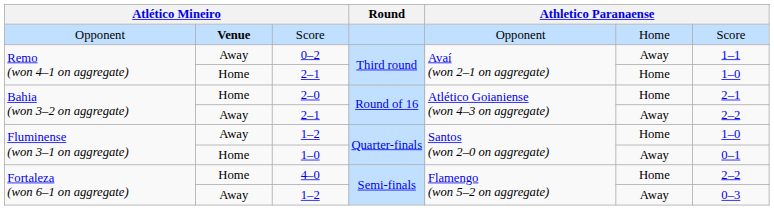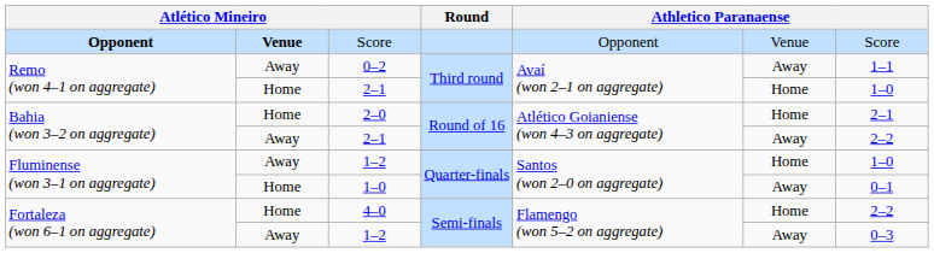 <table class="wikitable" style="text-align: center;">
 <tr>
 <th colspan=3> <a href='#'>Atlético Mineiro</a></th>
 <th>Round</th>
 <th colspan=3> <a href='#'>Athletico Paranaense</a></th>
 </tr>
 <tr bgcolor=#c1e0ff>
-<td width=25%>Opponent</td>
+<td width=25%><strong>Opponent</strong></td>
 <td width=10%><strong>Venue</strong></td>
 <td width=10%>Score</td>
 <td width=10%></td>
 <td width=25%>Opponent</td>
-<td>Home</td>
+<td width=10%>Venue</td>
 <td width=10%>Score</td>
 </tr>
 <tr>
 <td rowspan=2 align=left> <a href='#'>Remo</a><br><em>(won 4–1 on aggregate)</em></td>
 <td>Away</td>
 <td><a href='#'>0–2</a></td>
 <td rowspan=2 bgcolor=#c1e0ff><a href='#'>Third round</a></td>
 <td rowspan=2 align=left> <a href='#'>Avaí</a><br><em>(won 2–1 on aggregate)</em></td>
 <td>Away</td>
 <td><a href='#'>1–1</a></td>
 </tr>
 <tr>
 <td>Home</td>
 <td><a href='#'>2–1</a></td>
 <td>Home</td>
 <td><a href='#'>1–0</a></td>
 </tr>
 <tr>
 <td rowspan=2 align=left> <a href='#'>Bahia</a><br><em>(won 3–2 on aggregate)</em></td>
 <td>Home</td>
 <td><a href='#'>2–0</a></td>
 <td rowspan=2 bgcolor=#c1e0ff><a href='#'>Round of 16</a></td>
 <td rowspan=2 align=left> <a href='#'>Atlético Goianiense</a><br><em>(won 4–3 on aggregate)</em></td>
 <td>Home</td>
 <td><a href='#'>2–1</a></td>
 </tr>
 <tr>
 <td>Away</td>
 <td><a href='#'>2–1</a></td>
 <td>Away</td>
 <td><a href='#'>2–2</a></td>
 </tr>
 <tr>
 <td rowspan=2 align=left> <a href='#'>Fluminense</a><br><em>(won 3–1 on aggregate)</em></td>
 <td>Away</td>
 <td><a href='#'>1–2</a></td>
 <td rowspan=2 bgcolor=#c1e0ff><a href='#'>Quarter-finals</a></td>
 <td rowspan=2 align=left> <a href='#'>Santos</a><br><em>(won 2–0 on aggregate)</em></td>
 <td>Home</td>
 <td><a href='#'>1–0</a></td>
 </tr>
 <tr>
 <td>Home</td>
 <td><a href='#'>1–0</a></td>
 <td>Away</td>
 <td><a href='#'>0–1</a></td>
 </tr>
 <tr>
 <td rowspan=2 align=left> <a href='#'>Fortaleza</a><br><em>(won 6–1 on aggregate)</em></td>
 <td>Home</td>
 <td><a href='#'>4–0</a></td>
 <td rowspan=2 bgcolor=#c1e0ff><a href='#'>Semi-finals</a></td>
 <td rowspan=2 align=left> <a href='#'>Flamengo</a><br><em>(won 5–2 on aggregate)</em></td>
 <td>Home</td>
 <td><a href='#'>2–2</a></td>
 </tr>
 <tr>
 <td>Away</td>
 <td><a href='#'>1–2</a></td>
 <td>Away</td>
 <td><a href='#'>0–3</a></td>
 </tr>
 </table>
